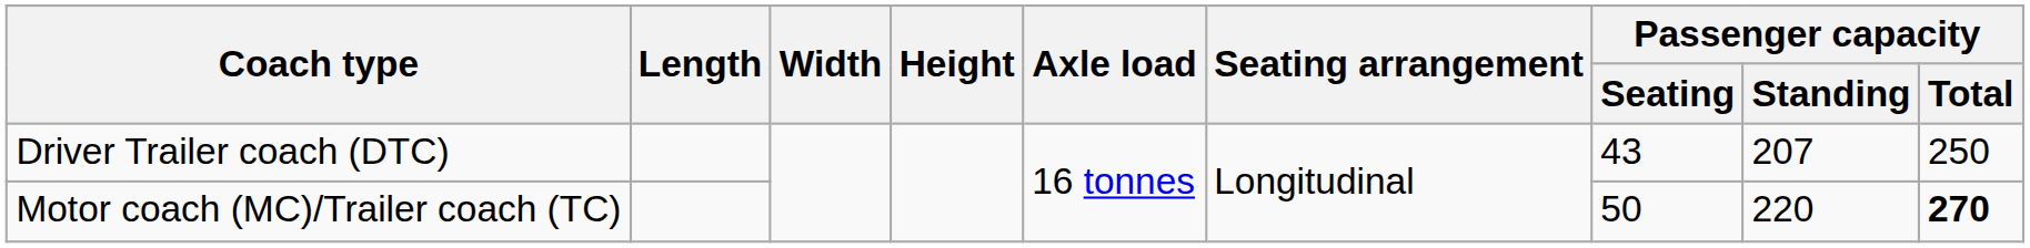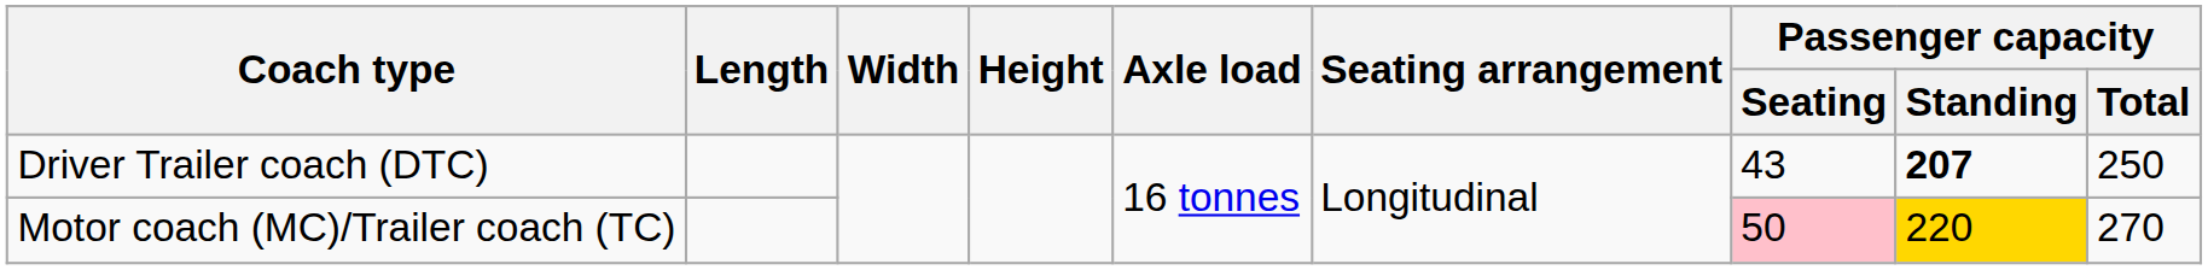 <table class="wikitable" style="margin:auto;">
 <tr>
 <th rowspan="2">Coach type</th>
 <th rowspan="2">Length</th>
 <th rowspan="2">Width</th>
 <th rowspan="2">Height</th>
 <th rowspan="2">Axle load</th>
 <th rowspan="2">Seating arrangement</th>
 <th colspan="3">Passenger capacity</th>
 </tr>
 <tr>
 <th>Seating</th>
 <th>Standing</th>
 <th>Total</th>
 </tr>
 <tr>
 <td>Driver Trailer coach (DTC)</td>
 <td></td>
 <td rowspan="2"></td>
 <td rowspan="2"></td>
 <td rowspan="2">16 <a href='#'>tonnes</a></td>
 <td rowspan="2">Longitudinal</td>
 <td>43</td>
-<td>207</td>
+<td><strong>207</strong></td>
 <td>250</td>
 </tr>
 <tr>
 <td>Motor coach (MC)/Trailer coach (TC)</td>
 <td></td>
-<td>50</td>
-<td>220</td>
-<td><strong>270</strong></td>
+<td style="background: pink;">50</td>
+<td style="background: gold;">220</td>
+<td>270</td>
 </tr>
 </table>
